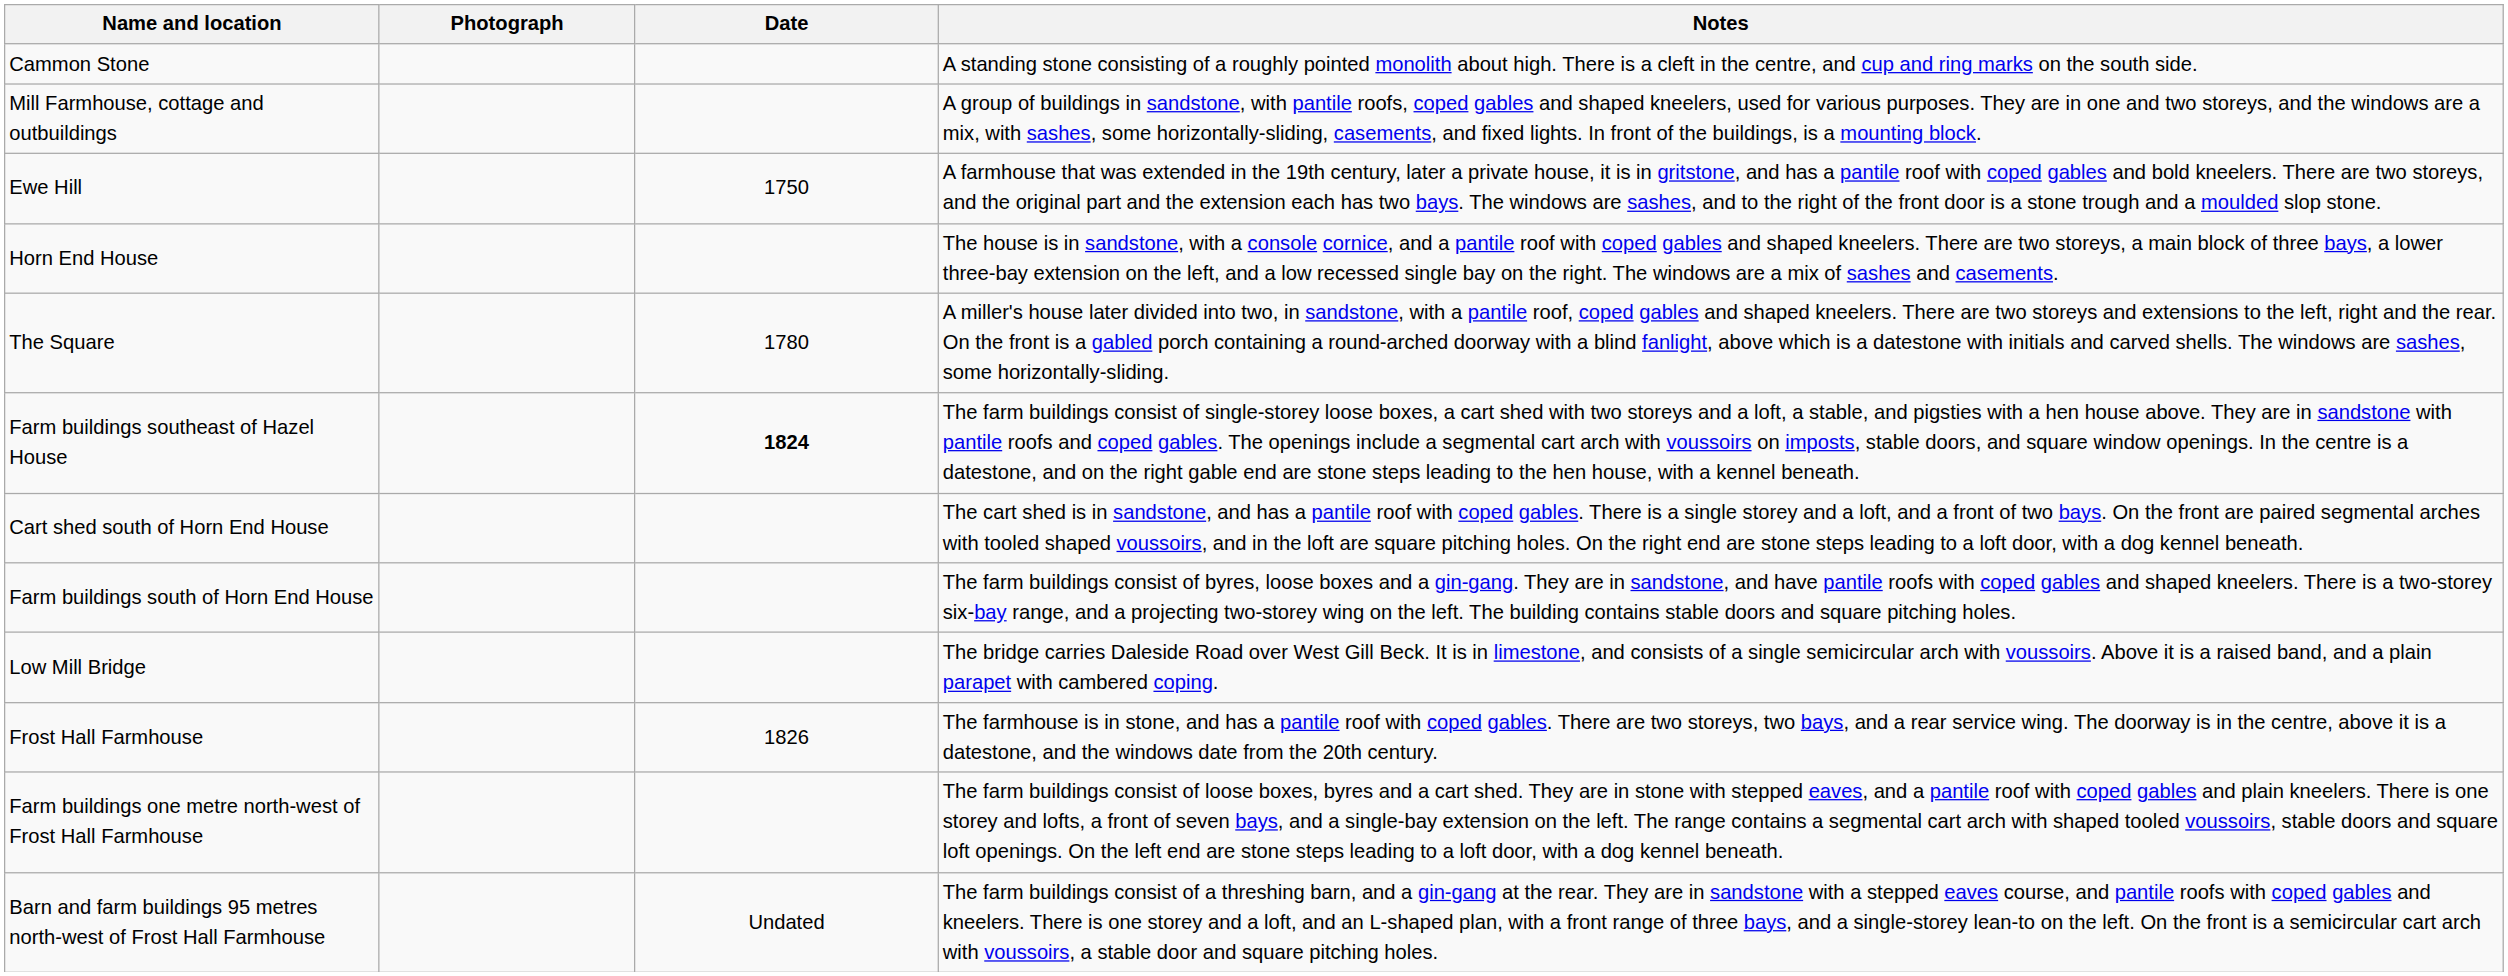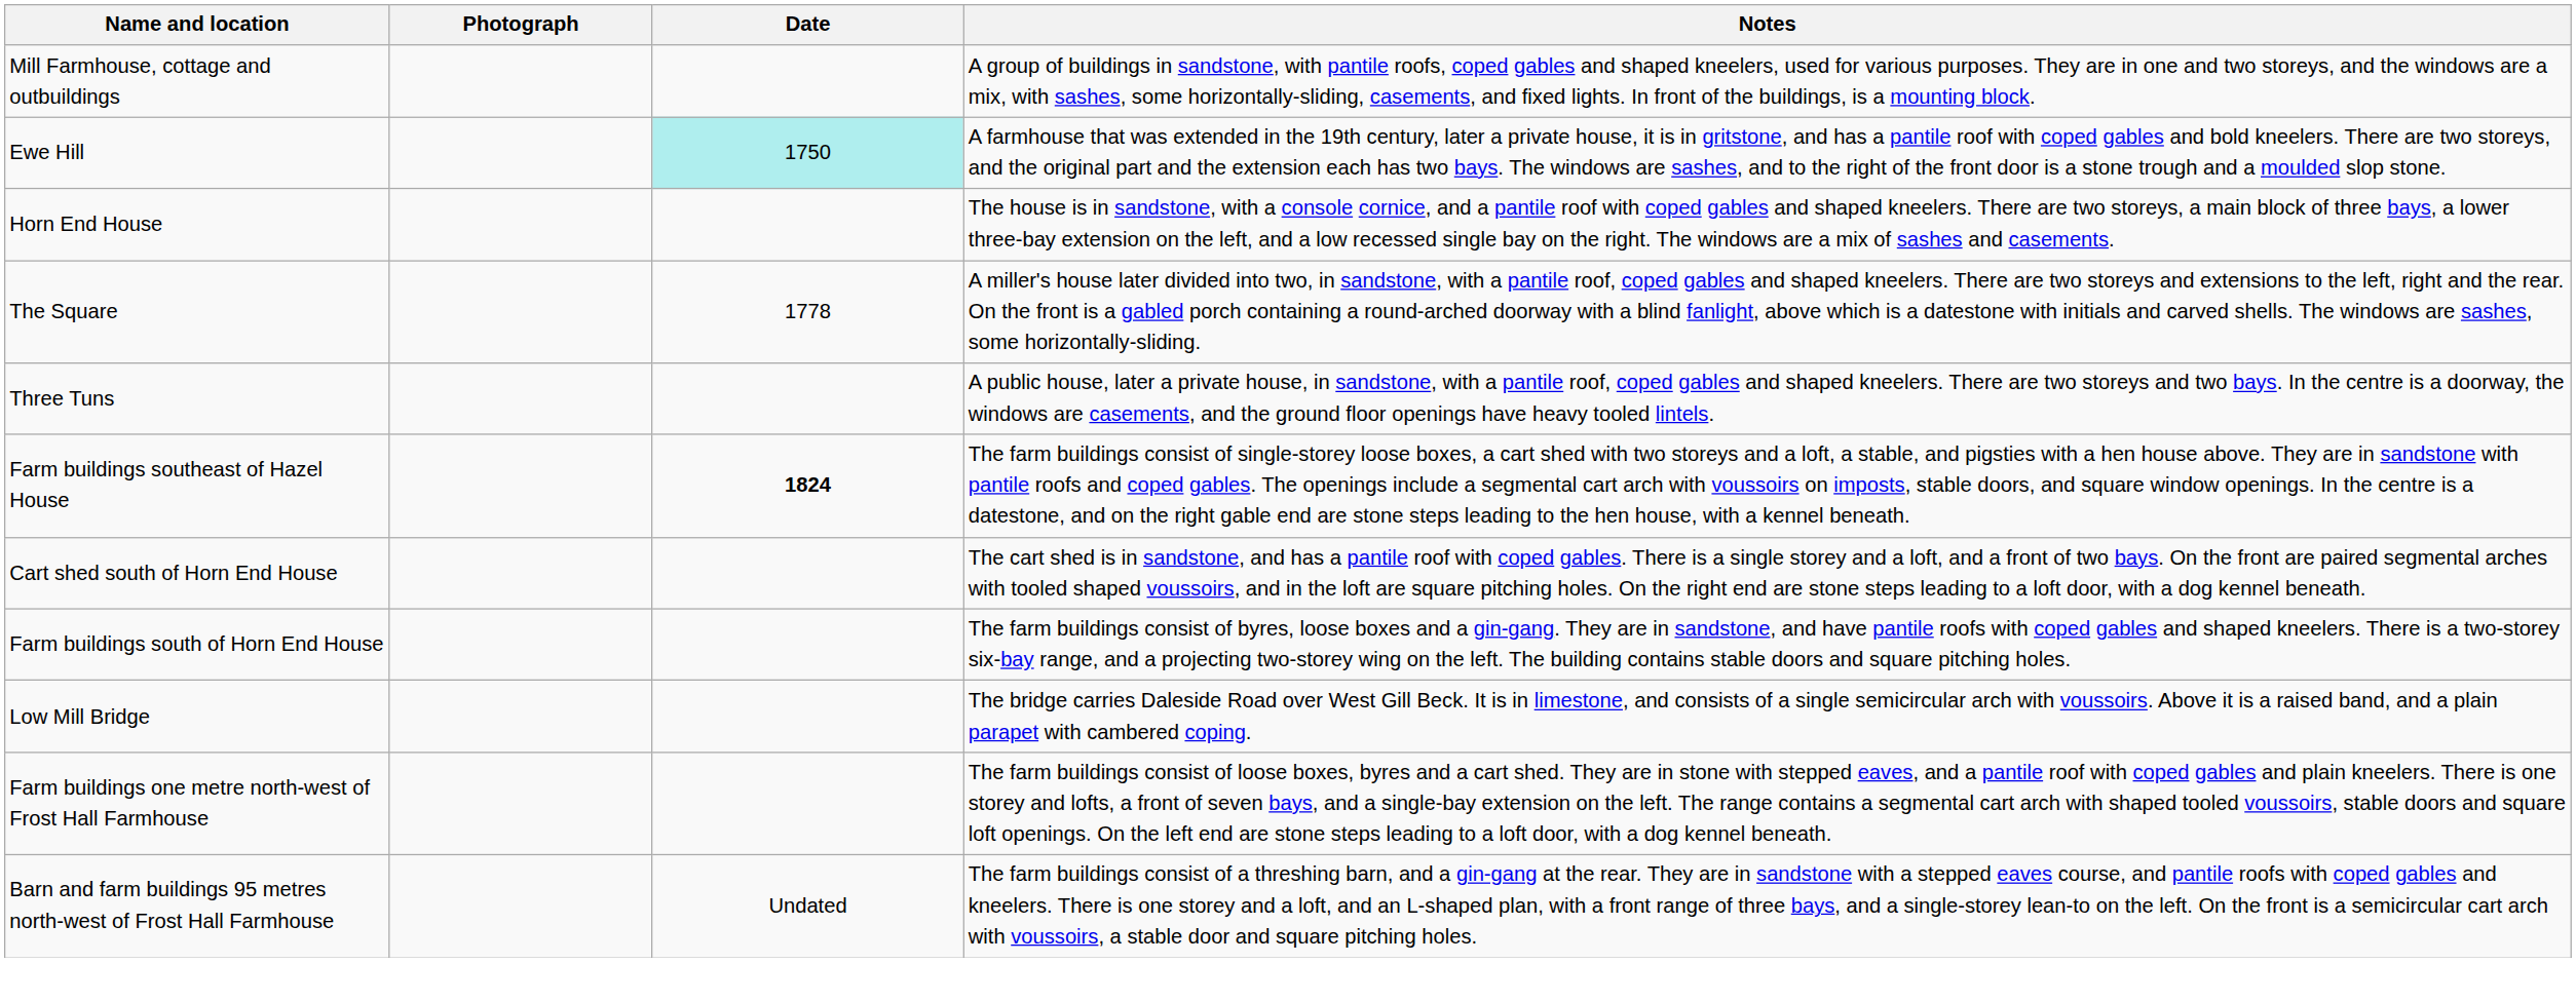 <table class="wikitable sortable plainrowheaders" style="width:100%;border:0px;text-align:left;line-height:150%;">
 <tr>
 <th scope="col"  style="width:150px">Name and location</th>
 <th scope="col"  style="width:100px" class="unsortable">Photograph</th>
 <th scope="col"  style="width:120px">Date</th>
 <th scope="col"  style="width:650px" class="unsortable">Notes</th>
-</tr>
-<tr>
-<td>Cammon Stone<br><small></small></td>
-<td></td>
-<td align="center"></td>
-<td>A standing stone consisting of a roughly pointed <a href='#'>monolith</a> about  high.  There is a cleft in the centre, and <a href='#'>cup and ring marks</a> on the south side.</td>
 </tr>
 <tr>
 <td>Mill Farmhouse, cottage and outbuildings<br><small></small></td>
 <td></td>
 <td align="center"></td>
 <td>A group of buildings in <a href='#'>sandstone</a>, with <a href='#'>pantile</a> roofs, <a href='#'>coped</a> <a href='#'>gables</a> and shaped kneelers, used for various purposes.  They are in one and two storeys, and the windows are a mix, with <a href='#'>sashes</a>, some horizontally-sliding, <a href='#'>casements</a>, and fixed lights.  In front of the buildings, is a <a href='#'>mounting block</a>.</td>
 </tr>
 <tr>
 <td>Ewe Hill<br><small></small></td>
 <td></td>
-<td align="center">1750</td>
+<td align="center" style="background: paleturquoise;">1750</td>
 <td>A farmhouse that was extended in the 19th century, later a private house, it is in <a href='#'>gritstone</a>, and has a <a href='#'>pantile</a> roof with <a href='#'>coped</a> <a href='#'>gables</a> and bold kneelers.  There are two storeys, and the original part and the extension each has two <a href='#'>bays</a>.  The windows are <a href='#'>sashes</a>, and to the right of the front door is a stone trough and a <a href='#'>moulded</a> slop stone.</td>
 </tr>
 <tr>
 <td>Horn End House<br><small></small></td>
 <td></td>
 <td align="center"></td>
 <td>The house is in <a href='#'>sandstone</a>, with a <a href='#'>console</a> <a href='#'>cornice</a>, and a <a href='#'>pantile</a> roof with <a href='#'>coped</a> <a href='#'>gables</a> and shaped kneelers.  There are two storeys, a main block of three <a href='#'>bays</a>, a lower three-bay extension on the left, and a low recessed single bay on the right.  The windows are a mix of <a href='#'>sashes</a> and <a href='#'>casements</a>.</td>
 </tr>
 <tr>
 <td>The Square<br><small></small></td>
 <td></td>
-<td align="center">1780</td>
+<td align="center">1778</td>
 <td>A miller's house later divided into two, in <a href='#'>sandstone</a>, with a <a href='#'>pantile</a> roof, <a href='#'>coped</a> <a href='#'>gables</a> and shaped kneelers.  There are two storeys and extensions to the left, right and the rear.  On the front is a <a href='#'>gabled</a> porch containing a round-arched doorway with a blind <a href='#'>fanlight</a>, above which is a datestone with initials and carved shells.  The windows are <a href='#'>sashes</a>, some horizontally-sliding.</td>
+</tr>
+<tr>
+<td>Three Tuns<br><small></small></td>
+<td></td>
+<td align="center"></td>
+<td>A public house, later a private house, in <a href='#'>sandstone</a>, with a <a href='#'>pantile</a> roof, <a href='#'>coped</a> <a href='#'>gables</a> and shaped kneelers.  There are two storeys and two <a href='#'>bays</a>.  In the centre is a doorway, the windows are <a href='#'>casements</a>, and the ground floor openings have heavy tooled <a href='#'>lintels</a>.</td>
 </tr>
 <tr>
 <td>Farm buildings southeast of Hazel House<br><small></small></td>
 <td></td>
 <td align="center"><strong>1824</strong></td>
 <td>The farm buildings consist of single-storey loose boxes, a cart shed with two storeys and a loft, a stable, and pigsties with a hen house above.  They are in <a href='#'>sandstone</a> with <a href='#'>pantile</a> roofs and <a href='#'>coped</a> <a href='#'>gables</a>.  The openings include a segmental cart arch with <a href='#'>voussoirs</a> on <a href='#'>imposts</a>, stable doors, and square window openings.  In the centre is a datestone, and on the right gable end are stone steps leading to the hen house, with a kennel beneath.</td>
 </tr>
 <tr>
 <td>Cart shed south of Horn End House<br><small></small></td>
 <td></td>
 <td align="center"></td>
 <td>The cart shed is in <a href='#'>sandstone</a>, and has a <a href='#'>pantile</a> roof with <a href='#'>coped</a> <a href='#'>gables</a>.  There is a single storey and a loft, and a front of two <a href='#'>bays</a>.  On the front are paired segmental arches with tooled shaped <a href='#'>voussoirs</a>, and in the loft are square pitching holes.  On the right end are stone steps leading to a loft door, with a dog kennel beneath.</td>
 </tr>
 <tr>
 <td>Farm buildings south of Horn End House<br><small></small></td>
 <td></td>
 <td align="center"></td>
 <td>The farm buildings consist of byres, loose boxes and a <a href='#'>gin-gang</a>.  They are in <a href='#'>sandstone</a>, and have <a href='#'>pantile</a> roofs with <a href='#'>coped</a> <a href='#'>gables</a> and shaped kneelers.  There is a two-storey six-<a href='#'>bay</a> range, and a projecting two-storey wing on the left.  The building contains stable doors and square pitching holes.</td>
 </tr>
 <tr>
 <td>Low Mill Bridge<br><small></small></td>
 <td></td>
 <td align="center"></td>
 <td>The bridge carries Daleside Road over West Gill Beck.  It is in <a href='#'>limestone</a>, and consists of a single semicircular arch with <a href='#'>voussoirs</a>.  Above it is a raised band, and a plain <a href='#'>parapet</a> with cambered <a href='#'>coping</a>.</td>
 </tr>
 <tr>
-<td>Frost Hall Farmhouse<br><small></small></td>
-<td></td>
-<td align="center">1826</td>
-<td>The farmhouse is in stone, and has a <a href='#'>pantile</a> roof with <a href='#'>coped</a> <a href='#'>gables</a>.  There are two storeys, two <a href='#'>bays</a>, and a rear service wing.  The doorway is in the centre, above it is a datestone, and the windows date from the 20th century.</td>
-</tr>
-<tr>
 <td>Farm buildings one metre north-west of Frost Hall Farmhouse<br><small></small></td>
 <td></td>
 <td align="center"></td>
 <td>The farm buildings consist of loose boxes, byres and a cart shed.  They are in stone with stepped <a href='#'>eaves</a>, and a <a href='#'>pantile</a> roof with <a href='#'>coped</a> <a href='#'>gables</a> and plain kneelers.  There is one storey and lofts, a front of seven <a href='#'>bays</a>, and a single-bay extension on the left.  The range contains a segmental cart arch with shaped tooled <a href='#'>voussoirs</a>, stable doors and square loft openings.  On the left end are stone steps leading to a loft door, with a dog kennel beneath.</td>
 </tr>
 <tr>
 <td>Barn and farm buildings 95 metres north-west of Frost Hall Farmhouse<br><small></small></td>
 <td></td>
 <td align="center">Undated</td>
 <td>The farm buildings consist of a threshing barn, and a <a href='#'>gin-gang</a> at the rear.  They are in <a href='#'>sandstone</a> with a stepped <a href='#'>eaves</a> course, and <a href='#'>pantile</a> roofs with <a href='#'>coped</a> <a href='#'>gables</a> and kneelers.  There is one storey and a loft, and an L-shaped plan, with a front range of three <a href='#'>bays</a>, and a single-storey lean-to on the left.  On the front is a semicircular cart arch with <a href='#'>voussoirs</a>, a stable door and square pitching holes.</td>
 </tr>
 <tr>
 </tr>
 </table>
